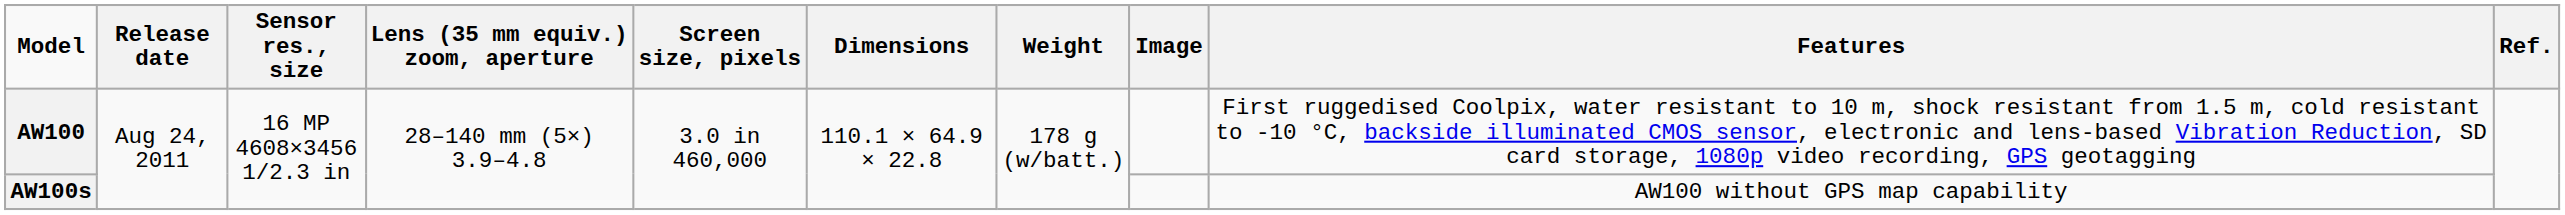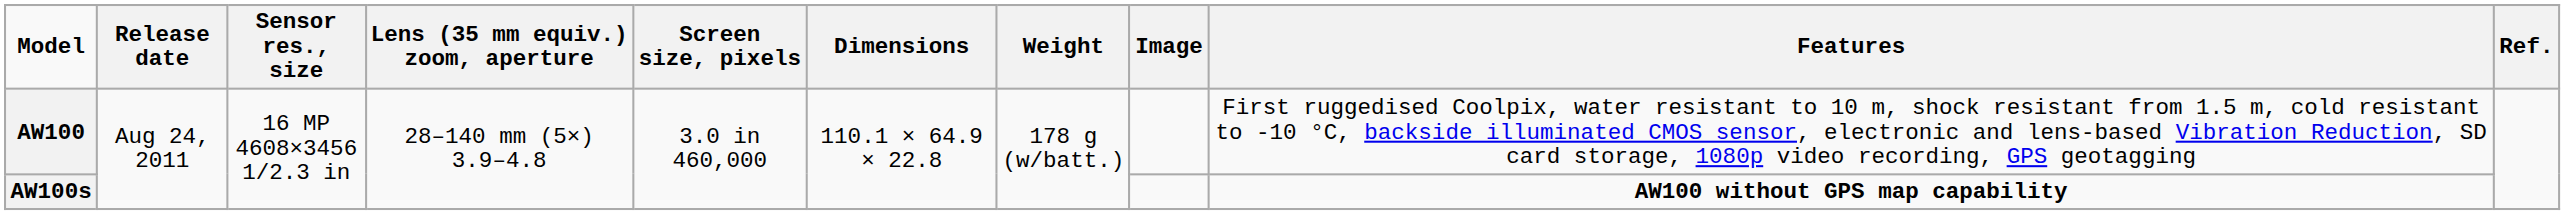 <table class="wikitable" style="font-size:85%; text-align: center">
 <tr>
 <td><strong>Model</strong></td>
 <th>Release date</th>
 <th>Sensor<br>res., size</th>
 <th>Lens (35 mm equiv.)<br>zoom, aperture</th>
 <th>Screen<br>size, pixels</th>
 <th>Dimensions<br></th>
 <th>Weight</th>
 <th>Image</th>
 <th>Features</th>
 <th>Ref.</th>
 </tr>
 <tr>
 <th>AW100</th>
 <td rowspan="2">Aug 24, 2011</td>
 <td rowspan="2">16 MP<br>4608×3456<br>1/2.3 in</td>
 <td rowspan="2">28–140 mm (5×)<br>3.9–4.8</td>
 <td rowspan="2">3.0 in<br>460,000</td>
 <td rowspan="2">110.1 × 64.9 × 22.8</td>
 <td rowspan="2">178 g<br>(w/batt.)</td>
 <td></td>
 <td>First ruggedised Coolpix, water resistant to 10 m, shock resistant from 1.5 m, cold resistant to -10 °C, <a href='#'>backside illuminated CMOS sensor</a>, electronic and lens-based <a href='#'>Vibration Reduction</a>, SD card storage, <a href='#'>1080p</a> video recording, <a href='#'>GPS</a> geotagging</td>
 <td rowspan="2"></td>
 </tr>
 <tr>
 <th>AW100s</th>
 <td></td>
-<td>AW100 without GPS map capability</td>
+<td><strong>AW100 without GPS map capability</strong></td>
 </tr>
 </table>
